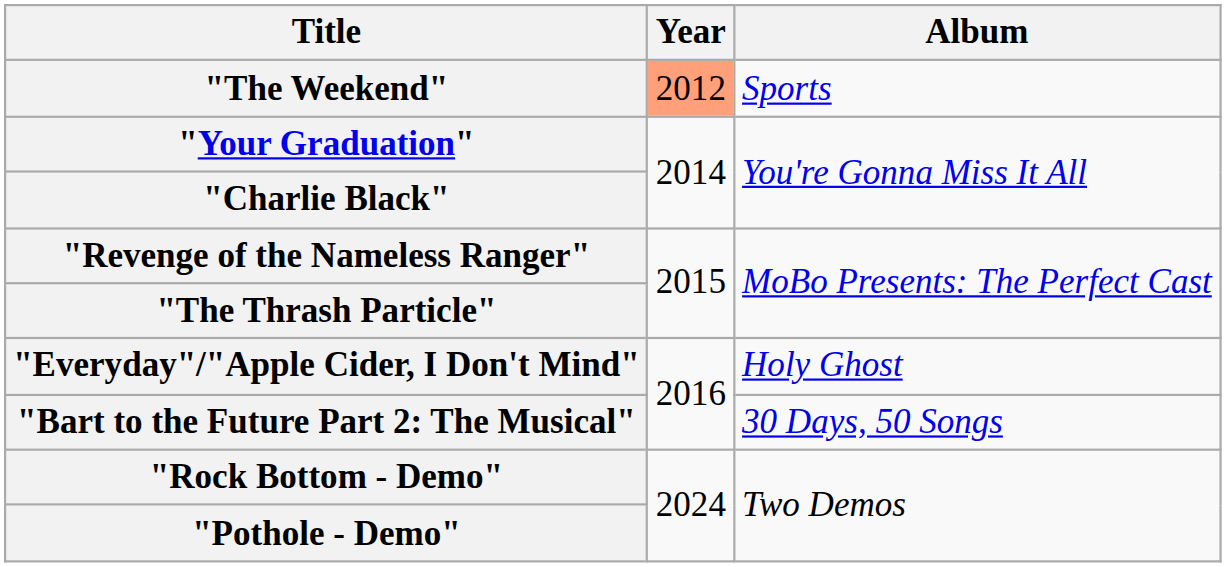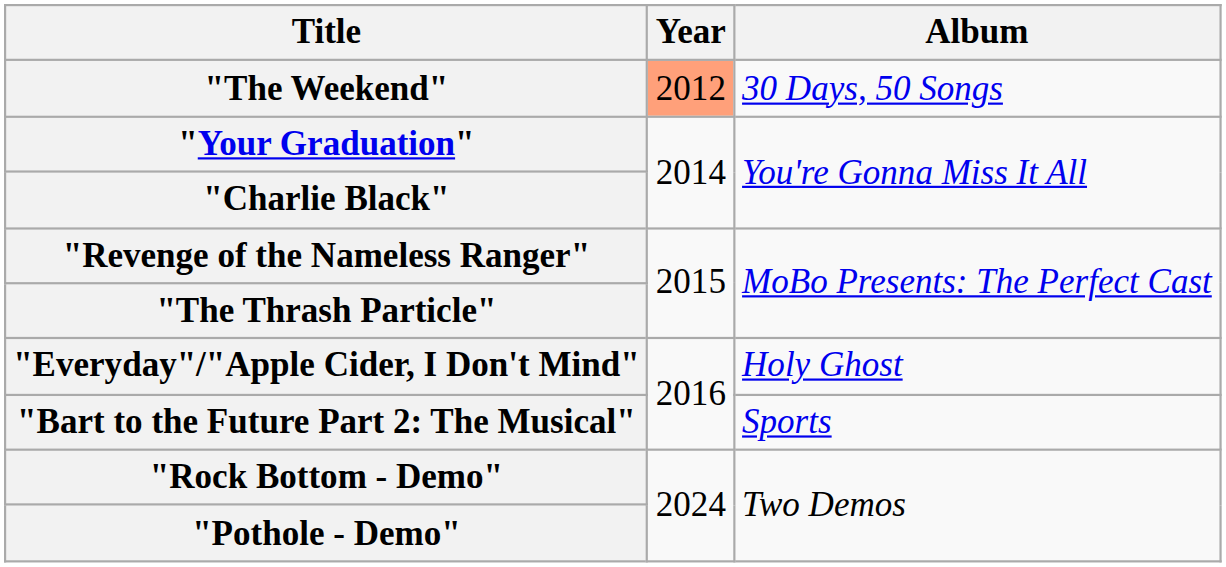 <table class="wikitable plainrowheaders" style="text-align:center;">
 <tr>
 <th scope=col>Title</th>
 <th scope=col>Year</th>
 <th scope=col>Album</th>
 </tr>
 <tr>
 <th scope="row">"The Weekend"</th>
 <td style="background: lightsalmon;">2012</td>
-<td style="text-align:left;"><em><a href='#'>Sports</a></em></td>
+<td style="text-align:left;"><em><a href='#'>30 Days, 50 Songs</a></em></td>
 </tr>
 <tr>
 <th scope="row">"<a href='#'>Your Graduation</a>"</th>
 <td rowspan="2">2014</td>
 <td rowspan="2" style="text-align:left;"><em><a href='#'>You're Gonna Miss It All</a></em></td>
 </tr>
 <tr>
 <th scope="row">"Charlie Black"</th>
 </tr>
 <tr>
 <th scope="row">"Revenge of the Nameless Ranger"</th>
 <td rowspan="2">2015</td>
 <td rowspan="2" style="text-align:left;"><em><a href='#'>MoBo Presents: The Perfect Cast</a></em></td>
 </tr>
 <tr>
 <th scope="row">"The Thrash Particle"</th>
 </tr>
 <tr>
 <th scope="row">"Everyday"/"Apple Cider, I Don't Mind"</th>
 <td rowspan="2">2016</td>
 <td style="text-align:left;"><em><a href='#'>Holy Ghost</a></em></td>
 </tr>
 <tr>
 <th scope="row">"Bart to the Future Part 2: The Musical"</th>
-<td style="text-align:left;"><em><a href='#'>30 Days, 50 Songs</a></em></td>
+<td style="text-align:left;"><em><a href='#'>Sports</a></em></td>
 </tr>
 <tr>
 <th scope="row">"Rock Bottom - Demo"</th>
 <td rowspan="2">2024</td>
 <td rowspan="2" style="text-align:left;"><em>Two Demos</em></td>
 </tr>
 <tr>
 <th scope="row">"Pothole - Demo"</th>
 </tr>
 </table>
